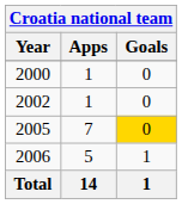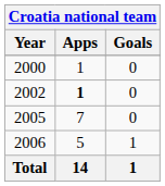 <table class="wikitable" style="text-align:center">
 <tr>
 <th colspan=3><a href='#'>Croatia national team</a></th>
 </tr>
 <tr>
 <th>Year</th>
 <th>Apps</th>
 <th>Goals</th>
 </tr>
 <tr>
 </tr>
 <tr>
 <td>2000</td>
 <td>1</td>
 <td>0</td>
 </tr>
 <tr>
 <td>2002</td>
-<td>1</td>
+<td><strong>1</strong></td>
 <td>0</td>
 </tr>
 <tr>
 <td>2005</td>
 <td>7</td>
-<td style="background: gold;">0</td>
+<td>0</td>
 </tr>
 <tr>
 <td>2006</td>
 <td>5</td>
 <td>1</td>
 </tr>
 <tr>
 <th>Total</th>
 <th>14</th>
 <th>1</th>
 </tr>
 </table>
